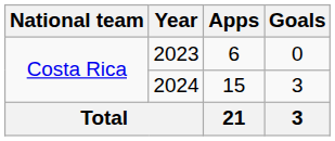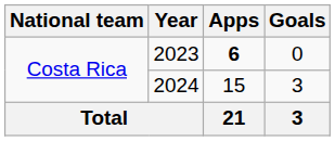 <table class="wikitable" style="text-align:center">
 <tr>
 <th>National team</th>
 <th>Year</th>
 <th>Apps</th>
 <th>Goals</th>
 </tr>
 <tr>
 <td rowspan="2"><a href='#'>Costa Rica</a></td>
 <td>2023</td>
-<td>6</td>
+<td><strong>6</strong></td>
 <td>0</td>
 </tr>
 <tr>
 <td>2024</td>
 <td>15</td>
 <td>3</td>
 </tr>
 <tr>
 <th colspan="2">Total</th>
 <th>21</th>
 <th>3</th>
 </tr>
 </table>
